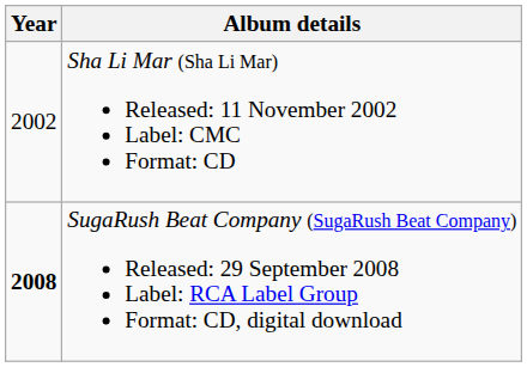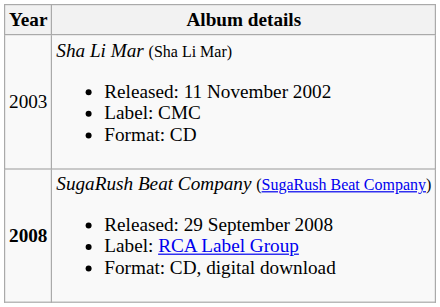 <table class=wikitable style=text-align:center;>
 <tr>
 <th scope="col">Year</th>
 <th scope="col">Album details</th>
 </tr>
 <tr>
-<td>2002</td>
+<td>2003</td>
 <td align=left><em>Sha Li Mar</em> <small>(Sha Li Mar)</small><br><ul><li>Released: 11 November 2002</li><li>Label: CMC</li><li>Format: CD</li></ul></td>
 </tr>
 <tr>
 <td><strong>2008</strong></td>
 <td align=left><em>SugaRush Beat Company</em> <small>(<a href='#'>SugaRush Beat Company</a>)</small><br><ul><li>Released: 29 September 2008</li><li>Label: <a href='#'>RCA Label Group</a></li><li>Format: CD, digital download</li></ul></td>
 </tr>
 </table>
